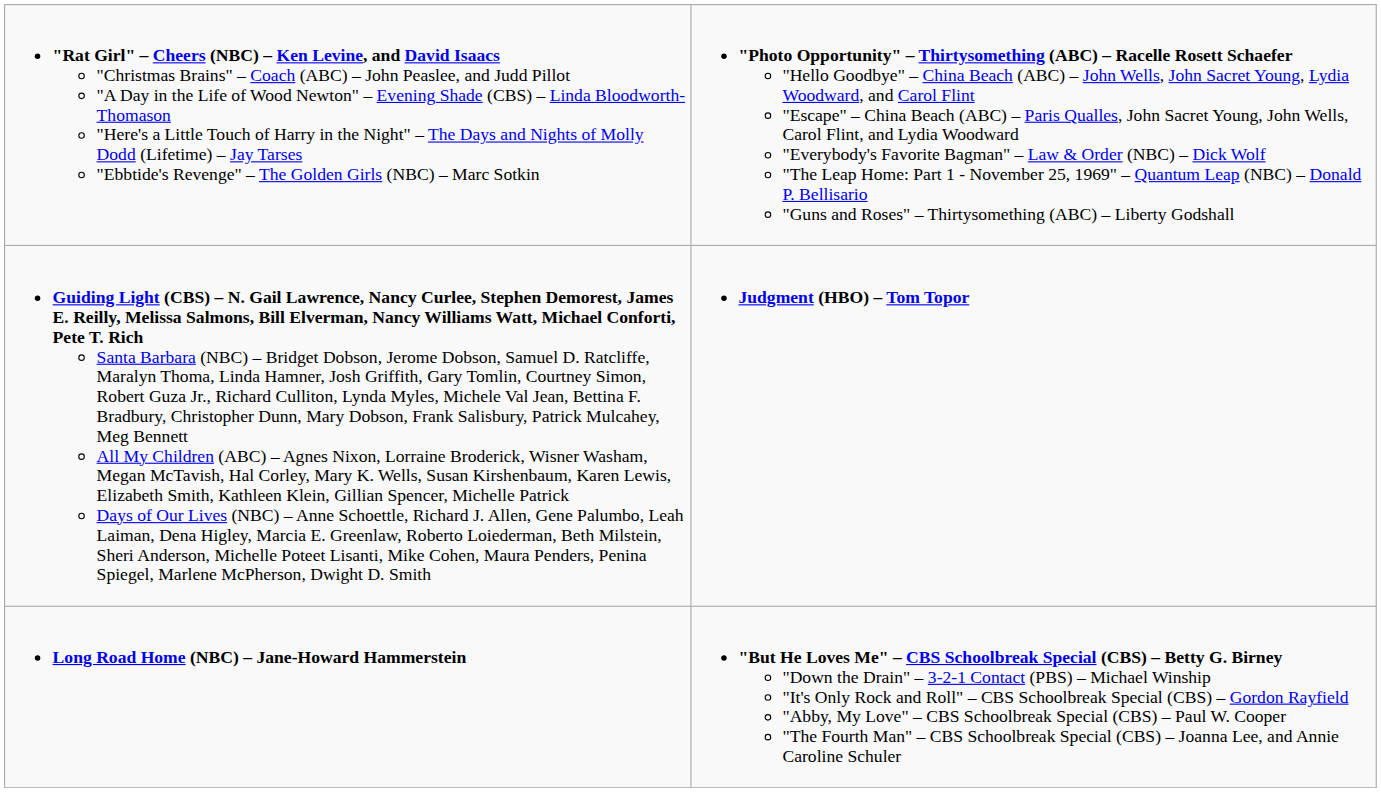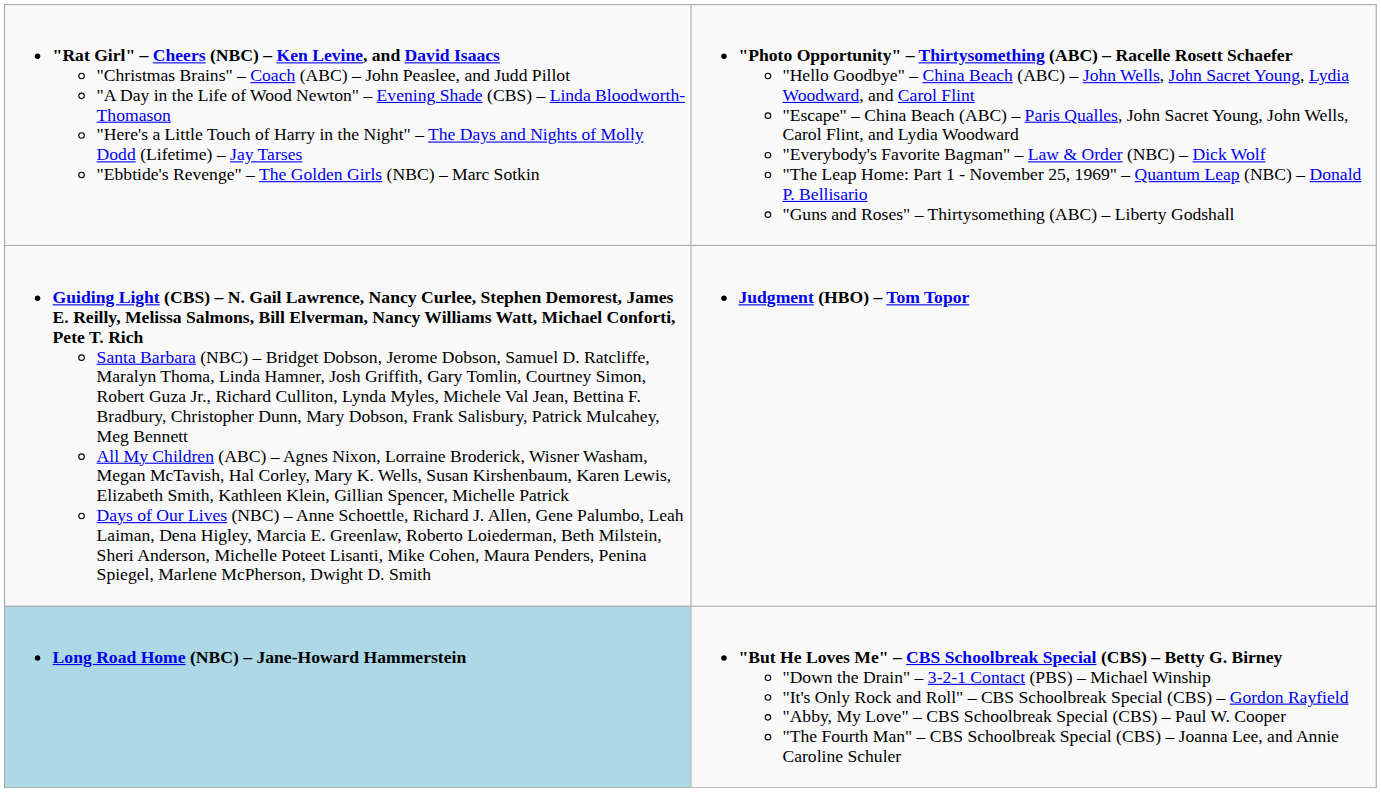 <table class="wikitable">
 <tr>
 <td valign="top" width="50%"><br><ul><li><strong>"Rat Girl" – <a href='#'>Cheers</a> (NBC) – <a href='#'>Ken Levine</a>, and <a href='#'>David Isaacs</a></strong><ul><li>"Christmas Brains" – <a href='#'>Coach</a> (ABC) – John Peaslee, and Judd Pillot</li><li>"A Day in the Life of Wood Newton" – <a href='#'>Evening Shade</a> (CBS) – <a href='#'>Linda Bloodworth-Thomason</a></li><li>"Here's a Little Touch of Harry in the Night" – <a href='#'>The Days and Nights of Molly Dodd</a> (Lifetime) – <a href='#'>Jay Tarses</a></li><li>"Ebbtide's Revenge" – <a href='#'>The Golden Girls</a> (NBC) – Marc Sotkin</li></ul></li></ul></td>
 <td valign="top" width="50%"><br><ul><li><strong>"Photo Opportunity" – <a href='#'>Thirtysomething</a> (ABC) – Racelle Rosett Schaefer</strong><ul><li>"Hello Goodbye" – <a href='#'>China Beach</a> (ABC) – <a href='#'>John Wells</a>, <a href='#'>John Sacret Young</a>, <a href='#'>Lydia Woodward</a>, and <a href='#'>Carol Flint</a></li><li>"Escape" – China Beach (ABC) – <a href='#'>Paris Qualles</a>, John Sacret Young, John Wells, Carol Flint, and Lydia Woodward</li><li>"Everybody's Favorite Bagman" – <a href='#'>Law & Order</a> (NBC) – <a href='#'>Dick Wolf</a></li><li>"The Leap Home: Part 1 - November 25, 1969" – <a href='#'>Quantum Leap</a> (NBC) – <a href='#'>Donald P. Bellisario</a></li><li>"Guns and Roses" – Thirtysomething (ABC) – Liberty Godshall</li></ul></li></ul></td>
 </tr>
 <tr>
 <td valign="top" width="50%"><br><ul><li><strong><a href='#'>Guiding Light</a> (CBS) – N. Gail Lawrence, Nancy Curlee, Stephen Demorest, James E. Reilly, Melissa Salmons, Bill Elverman, Nancy Williams Watt, Michael Conforti, Pete T. Rich</strong><ul><li><a href='#'>Santa Barbara</a> (NBC) – Bridget Dobson, Jerome Dobson, Samuel D. Ratcliffe, Maralyn Thoma, Linda Hamner, Josh Griffith, Gary Tomlin, Courtney Simon, Robert Guza Jr., Richard Culliton, Lynda Myles, Michele Val Jean, Bettina F. Bradbury, Christopher Dunn, Mary Dobson, Frank Salisbury, Patrick Mulcahey, Meg Bennett</li><li><a href='#'>All My Children</a> (ABC) – Agnes Nixon, Lorraine Broderick, Wisner Washam, Megan McTavish, Hal Corley, Mary K. Wells, Susan Kirshenbaum, Karen Lewis, Elizabeth Smith, Kathleen Klein, Gillian Spencer, Michelle Patrick</li><li><a href='#'>Days of Our Lives</a> (NBC) – Anne Schoettle, Richard J. Allen, Gene Palumbo, Leah Laiman, Dena Higley, Marcia E. Greenlaw, Roberto Loiederman, Beth Milstein, Sheri Anderson, Michelle Poteet Lisanti, Mike Cohen, Maura Penders, Penina Spiegel, Marlene McPherson, Dwight D. Smith</li></ul></li></ul></td>
 <td valign="top" width="50%"><br><ul><li><strong><a href='#'>Judgment</a> (HBO) – <a href='#'>Tom Topor</a></strong></li></ul></td>
 </tr>
 <tr>
-<td valign="top" width="50%"><br><ul><li><strong><a href='#'>Long Road Home</a> (NBC) – Jane-Howard Hammerstein</strong></li></ul></td>
+<td valign="top" width="50%" style="background: lightblue;"><br><ul><li><strong><a href='#'>Long Road Home</a> (NBC) – Jane-Howard Hammerstein</strong></li></ul></td>
 <td valign="top" width="50%"><br><ul><li><strong> "But He Loves Me" – <a href='#'>CBS Schoolbreak Special</a> (CBS) – Betty G. Birney</strong><ul><li>"Down the Drain" – <a href='#'>3-2-1 Contact</a> (PBS) – Michael Winship</li><li>"It's Only Rock and Roll" – CBS Schoolbreak Special (CBS) – <a href='#'>Gordon Rayfield</a></li><li>"Abby, My Love" – CBS Schoolbreak Special (CBS) – Paul W. Cooper</li><li>"The Fourth Man" – CBS Schoolbreak Special (CBS) – Joanna Lee, and Annie Caroline Schuler</li></ul></li></ul></td>
 </tr>
 </table>
